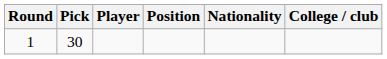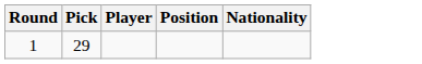 <table class="wikitable sortable sortable">
 <tr>
 <th>Round</th>
 <th>Pick</th>
 <th>Player</th>
 <th>Position</th>
 <th>Nationality</th>
-<th>College / club</th>
 </tr>
 <tr style="text-align: center">
 <td>1</td>
-<td>30</td>
-<td></td>
+<td>29</td>
 <td></td>
 <td></td>
 <td></td>
 </tr>
 </table>
